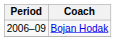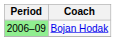 <table class="wikitable">
 <tr>
 <th>Period</th>
 <th>Coach</th>
 </tr>
 <tr>
-<td>2006–09</td>
+<td style="background: lightgreen;">2006–09</td>
 <td> <a href='#'>Bojan Hodak</a></td>
 </tr>
 <tr>
 </tr>
 </table>
